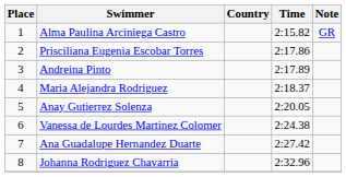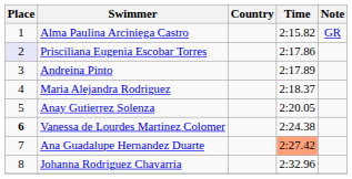 <table class="wikitable" style="text-align:center">
 <tr>
 <th>Place</th>
 <th>Swimmer</th>
 <th>Country</th>
 <th>Time</th>
 <th>Note</th>
 </tr>
 <tr>
 <td>1</td>
 <td align=left><a href='#'>Alma Paulina Arciniega Castro</a></td>
 <td align=left></td>
 <td>2:15.82</td>
 <td><a href='#'>GR</a></td>
 </tr>
 <tr>
-<td>2</td>
+<td style="background: lavender;">2</td>
 <td align=left><a href='#'>Prisciliana Eugenia Escobar Torres</a></td>
 <td align=left></td>
 <td>2:17.86</td>
 <td></td>
 </tr>
 <tr>
 <td>3</td>
 <td align=left><a href='#'>Andreina Pinto</a></td>
 <td align=left></td>
 <td>2:17.89</td>
 <td></td>
 </tr>
 <tr>
 <td>4</td>
 <td align=left><a href='#'>Maria Alejandra Rodriguez</a></td>
 <td align=left></td>
 <td>2:18.37</td>
 <td></td>
 </tr>
 <tr>
 <td>5</td>
 <td align=left><a href='#'>Anay Gutierrez Solenza</a></td>
 <td align=left></td>
 <td>2:20.05</td>
 <td></td>
 </tr>
 <tr>
-<td>6</td>
+<td><strong>6</strong></td>
 <td align=left><a href='#'>Vanessa de Lourdes Martinez Colomer</a></td>
 <td align=left></td>
 <td>2:24.38</td>
 <td></td>
 </tr>
 <tr>
 <td>7</td>
 <td align=left><a href='#'>Ana Guadalupe Hernandez Duarte</a></td>
 <td align=left></td>
-<td>2:27.42</td>
+<td style="background: lightsalmon;">2:27.42</td>
 <td></td>
 </tr>
 <tr>
 <td>8</td>
 <td align=left><a href='#'>Johanna Rodriguez Chavarria</a></td>
 <td align=left></td>
 <td>2:32.96</td>
 <td></td>
 </tr>
 <tr>
 </tr>
 </table>
